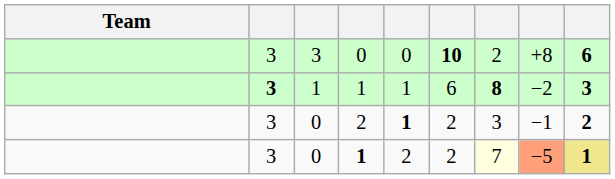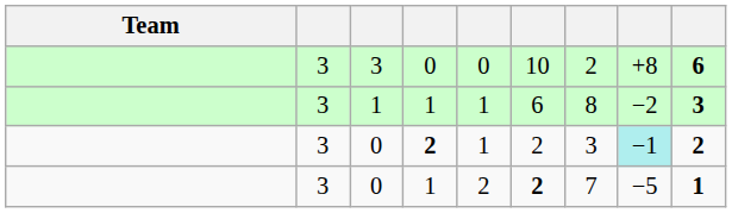 <table class="wikitable" style="text-align: center; font-size: 90%;">
 <tr>
 <th width=165>Team</th>
 <th width=25></th>
 <th width=25></th>
 <th width=25></th>
 <th width=25></th>
 <th width=25></th>
 <th width=25></th>
 <th width=25></th>
 <th width=25></th>
 </tr>
 <tr style="background:#cfc;">
 <td align="left"></td>
 <td>3</td>
 <td>3</td>
 <td>0</td>
 <td>0</td>
-<td><strong>10</strong></td>
+<td>10</td>
 <td>2</td>
 <td>+8</td>
 <td><strong>6</strong></td>
 </tr>
 <tr style="background:#cfc;">
 <td align="left"></td>
-<td><strong>3</strong></td>
+<td>3</td>
 <td>1</td>
 <td>1</td>
 <td>1</td>
 <td>6</td>
-<td><strong>8</strong></td>
+<td>8</td>
 <td>−2</td>
 <td><strong>3</strong></td>
 </tr>
 <tr>
 <td align="left"></td>
 <td>3</td>
 <td>0</td>
-<td>2</td>
-<td><strong>1</strong></td>
+<td><strong>2</strong></td>
+<td>1</td>
 <td>2</td>
 <td>3</td>
-<td>−1</td>
+<td style="background: paleturquoise;">−1</td>
 <td><strong>2</strong></td>
 </tr>
 <tr>
 <td align="left"></td>
 <td>3</td>
 <td>0</td>
+<td>1</td>
+<td>2</td>
+<td><strong>2</strong></td>
+<td>7</td>
+<td>−5</td>
 <td><strong>1</strong></td>
-<td>2</td>
-<td>2</td>
-<td style="background: lightyellow;">7</td>
-<td style="background: lightsalmon;">−5</td>
-<td style="background: khaki;"><strong>1</strong></td>
 </tr>
 </table>
